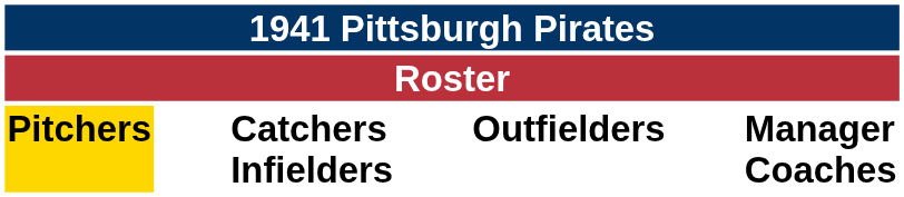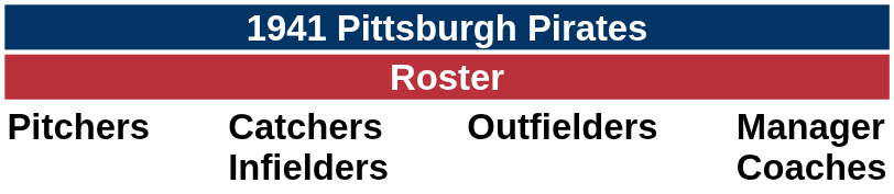 <table class="toccolours" style="font-size: 95%;">
 <tr>
 <th colspan="10" style="background-color: #023465; color: white; text-align: center;">1941 Pittsburgh Pirates</th>
 </tr>
 <tr>
 <td colspan="10" style="background-color: #ba313c; color: white; text-align: center;"><strong>Roster</strong></td>
 </tr>
 <tr>
-<td valign="top" style="background: gold;"><strong>Pitchers</strong><br>                </td>
+<td valign="top"><strong>Pitchers</strong><br>                </td>
 <td width="25px"></td>
 <td valign="top"><strong>Catchers</strong><br>     <strong>Infielders</strong>          </td>
 <td width="25px"></td>
 <td valign="top"><strong>Outfielders</strong><br>     </td>
 <td width="25px"></td>
 <td valign="top"><strong>Manager</strong><br> <strong>Coaches</strong>    </td>
 </tr>
 </table>
